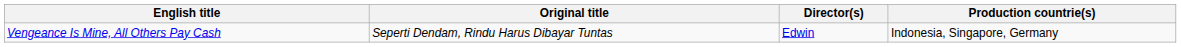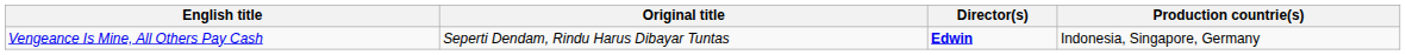 <table class="sortable wikitable" style="width:100%; margin-bottom:4px">
 <tr>
 <th scope="col">English title</th>
 <th scope="col">Original title</th>
 <th scope="col">Director(s)</th>
 <th scope="col">Production countrie(s)</th>
 </tr>
 <tr>
 <td><em><a href='#'>Vengeance Is Mine, All Others Pay Cash</a></em></td>
 <td><em>Seperti Dendam, Rindu Harus Dibayar Tuntas</em></td>
-<td><a href='#'>Edwin</a></td>
+<td><strong><a href='#'>Edwin</a></strong></td>
 <td>Indonesia, Singapore, Germany</td>
 </tr>
 </table>
